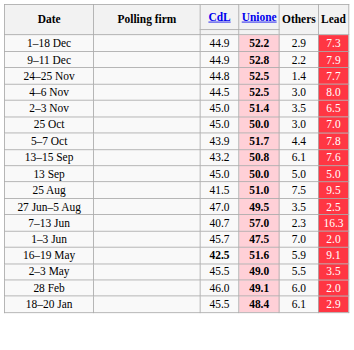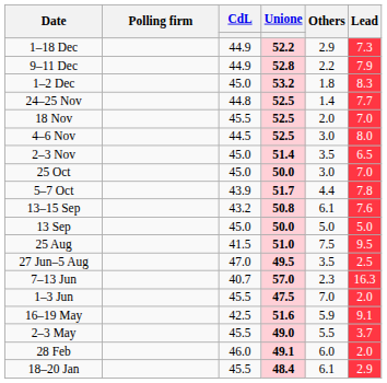 <table class="wikitable collapsible" style="text-align:center;font-size:85%;line-height:13px">
 <tr style="height:30px; background-color:#E9E9E9">
 <th style="width:100px;" rowspan="2">Date</th>
 <th style="width:120px;" rowspan="2">Polling firm</th>
 <th style="width:40px;"><a href='#'>CdL</a></th>
 <th style="width:40px;"><a href='#'>Unione</a></th>
 <th style="width:35px;" rowspan="2">Others</th>
 <th style="width:25px;" rowspan="2">Lead</th>
 </tr>
 <tr>
 <th style="background:"></th>
 <th style="background:"></th>
 </tr>
 <tr>
 <td>1–18 Dec</td>
 <td></td>
 <td>44.9</td>
 <td style="background:#FFD0D7"><strong>52.2</strong></td>
 <td>2.9</td>
 <td style="background:#FF3643; color:white;">7.3</td>
 </tr>
 <tr>
 <td>9–11 Dec</td>
 <td></td>
 <td>44.9</td>
 <td style="background:#FFD0D7"><strong>52.8</strong></td>
 <td>2.2</td>
 <td style="background:#FF3643; color:white;">7.9</td>
 </tr>
 <tr>
+<td>1–2 Dec</td>
+<td></td>
+<td>45.0</td>
+<td style="background:#FFD0D7"><strong>53.2</strong></td>
+<td>1.8</td>
+<td style="background:#FF3643; color:white;">8.3</td>
+</tr>
+<tr>
 <td>24–25 Nov</td>
 <td></td>
 <td>44.8</td>
 <td style="background:#FFD0D7"><strong>52.5</strong></td>
 <td>1.4</td>
 <td style="background:#FF3643; color:white;">7.7</td>
+</tr>
+<tr>
+<td>18 Nov</td>
+<td></td>
+<td>45.5</td>
+<td style="background:#FFD0D7"><strong>52.5</strong></td>
+<td>2.0</td>
+<td style="background:#FF3643; color:white;">7.0</td>
 </tr>
 <tr>
 <td>4–6 Nov</td>
 <td></td>
 <td>44.5</td>
 <td style="background:#FFD0D7"><strong>52.5</strong></td>
 <td>3.0</td>
 <td style="background:#FF3643; color:white;">8.0</td>
 </tr>
 <tr>
 <td>2–3 Nov</td>
 <td></td>
 <td>45.0</td>
 <td style="background:#FFD0D7"><strong>51.4</strong></td>
 <td>3.5</td>
 <td style="background:#FF3643; color:white;">6.5</td>
 </tr>
 <tr>
 <td>25 Oct</td>
 <td></td>
 <td>45.0</td>
 <td style="background:#FFD0D7"><strong>50.0</strong></td>
 <td>3.0</td>
 <td style="background:#FF3643; color:white;">7.0</td>
 </tr>
 <tr>
 <td>5–7 Oct</td>
 <td></td>
 <td>43.9</td>
 <td style="background:#FFD0D7"><strong>51.7</strong></td>
 <td>4.4</td>
 <td style="background:#FF3643; color:white;">7.8</td>
 </tr>
 <tr>
 <td>13–15 Sep</td>
 <td></td>
 <td>43.2</td>
 <td style="background:#FFD0D7"><strong>50.8</strong></td>
 <td>6.1</td>
 <td style="background:#FF3643; color:white;">7.6</td>
 </tr>
 <tr>
 <td>13 Sep</td>
 <td></td>
 <td>45.0</td>
 <td style="background:#FFD0D7"><strong>50.0</strong></td>
 <td>5.0</td>
 <td style="background:#FF3643; color:white;">5.0</td>
 </tr>
 <tr>
 <td>25 Aug</td>
 <td></td>
 <td>41.5</td>
 <td style="background:#FFD0D7"><strong>51.0</strong></td>
 <td>7.5</td>
 <td style="background:#FF3643; color:white;">9.5</td>
 </tr>
 <tr>
 <td>27 Jun–5 Aug</td>
 <td></td>
 <td>47.0</td>
 <td style="background:#FFD0D7"><strong>49.5</strong></td>
 <td>3.5</td>
 <td style="background:#FF3643; color:white;">2.5</td>
 </tr>
 <tr>
 <td>7–13 Jun</td>
 <td></td>
 <td>40.7</td>
 <td style="background:#FFD0D7"><strong>57.0</strong></td>
 <td>2.3</td>
 <td style="background:#FF3643; color:white;">16.3</td>
 </tr>
 <tr>
 <td>1–3 Jun</td>
 <td></td>
-<td>45.7</td>
+<td>45.5</td>
 <td style="background:#FFD0D7"><strong>47.5</strong></td>
 <td>7.0</td>
 <td style="background:#FF3643; color:white;">2.0</td>
 </tr>
 <tr>
 <td>16–19 May</td>
 <td></td>
-<td><strong>42.5</strong></td>
+<td>42.5</td>
 <td style="background:#FFD0D7"><strong>51.6</strong></td>
 <td>5.9</td>
 <td style="background:#FF3643; color:white;">9.1</td>
 </tr>
 <tr>
 <td>2–3 May</td>
 <td></td>
 <td>45.5</td>
 <td style="background:#FFD0D7"><strong>49.0</strong></td>
 <td>5.5</td>
-<td style="background:#FF3643; color:white;">3.5</td>
+<td style="background:#FF3643; color:white;">3.7</td>
 </tr>
 <tr>
 <td>28 Feb</td>
 <td></td>
 <td>46.0</td>
 <td style="background:#FFD0D7"><strong>49.1</strong></td>
 <td>6.0</td>
 <td style="background:#FF3643; color:white;">2.0</td>
 </tr>
 <tr>
 <td>18–20 Jan</td>
 <td></td>
 <td>45.5</td>
 <td style="background:#FFD0D7"><strong>48.4</strong></td>
 <td>6.1</td>
 <td style="background:#FF3643; color:white;">2.9</td>
 </tr>
 </table>
